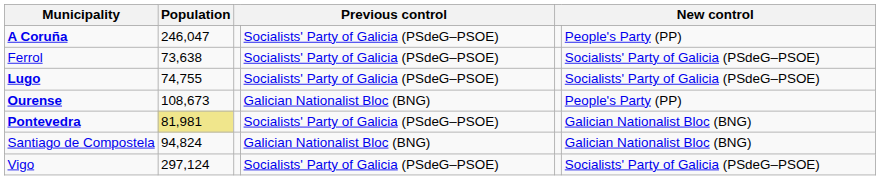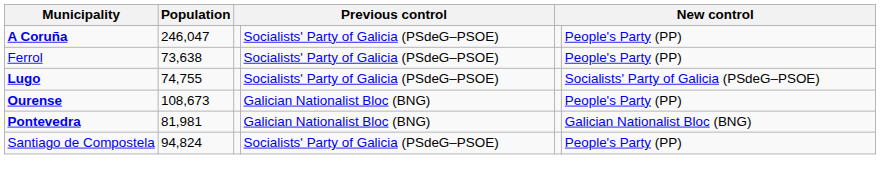 <table class="wikitable sortable">
 <tr>
 <th>Municipality</th>
 <th>Population</th>
 <th colspan="2" style="width:375px;">Previous control</th>
 <th colspan="2" style="width:375px;">New control</th>
 </tr>
 <tr>
 <td><strong><a href='#'>A Coruña</a></strong></td>
 <td>246,047</td>
 <td width="1" style="color:inherit;background:"></td>
 <td><a href='#'>Socialists' Party of Galicia</a> (PSdeG–PSOE)</td>
 <td width="1" style="color:inherit;background:"></td>
 <td><a href='#'>People's Party</a> (PP)</td>
 </tr>
 <tr>
 <td><a href='#'>Ferrol</a></td>
 <td>73,638</td>
 <td style="color:inherit;background:"></td>
 <td><a href='#'>Socialists' Party of Galicia</a> (PSdeG–PSOE)</td>
 <td style="color:inherit;background:"></td>
-<td><a href='#'>Socialists' Party of Galicia</a> (PSdeG–PSOE)</td>
+<td><a href='#'>People's Party</a> (PP)</td>
 </tr>
 <tr>
 <td><strong><a href='#'>Lugo</a></strong></td>
 <td>74,755</td>
 <td style="color:inherit;background:"></td>
 <td><a href='#'>Socialists' Party of Galicia</a> (PSdeG–PSOE)</td>
 <td style="color:inherit;background:"></td>
 <td><a href='#'>Socialists' Party of Galicia</a> (PSdeG–PSOE)</td>
 </tr>
 <tr>
 <td><strong><a href='#'>Ourense</a></strong></td>
 <td>108,673</td>
 <td style="color:inherit;background:"></td>
 <td><a href='#'>Galician Nationalist Bloc</a> (BNG)</td>
 <td style="color:inherit;background:"></td>
 <td><a href='#'>People's Party</a> (PP)</td>
 </tr>
 <tr>
 <td><strong><a href='#'>Pontevedra</a></strong></td>
-<td style="background: khaki;">81,981</td>
+<td>81,981</td>
 <td style="color:inherit;background:"></td>
-<td><a href='#'>Socialists' Party of Galicia</a> (PSdeG–PSOE)</td>
+<td><a href='#'>Galician Nationalist Bloc</a> (BNG)</td>
 <td style="color:inherit;background:"></td>
 <td><a href='#'>Galician Nationalist Bloc</a> (BNG)</td>
 </tr>
 <tr>
 <td><a href='#'>Santiago de Compostela</a></td>
 <td>94,824</td>
 <td style="color:inherit;background:"></td>
-<td><a href='#'>Galician Nationalist Bloc</a> (BNG)</td>
-<td style="color:inherit;background:"></td>
-<td><a href='#'>Galician Nationalist Bloc</a> (BNG)</td>
-</tr>
-<tr>
-<td><a href='#'>Vigo</a></td>
-<td>297,124</td>
-<td style="color:inherit;background:"></td>
 <td><a href='#'>Socialists' Party of Galicia</a> (PSdeG–PSOE)</td>
 <td style="color:inherit;background:"></td>
-<td><a href='#'>Socialists' Party of Galicia</a> (PSdeG–PSOE)</td>
+<td><a href='#'>People's Party</a> (PP)</td>
 </tr>
 </table>
